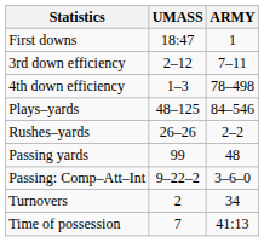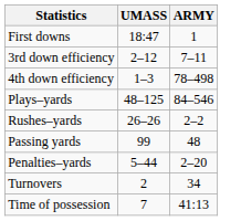 <table class="wikitable">
 <tr>
 <th>Statistics</th>
 <th>UMASS</th>
 <th>ARMY</th>
 </tr>
 <tr>
 <td>First downs</td>
 <td align=center>18:47</td>
 <td align=center>1</td>
 </tr>
 <tr>
 <td>3rd down efficiency</td>
 <td align=center>2–12</td>
 <td align=center>7–11</td>
 </tr>
 <tr>
 <td>4th down efficiency</td>
 <td align=center>1–3</td>
 <td align=center>78–498</td>
 </tr>
 <tr>
 <td>Plays–yards</td>
 <td align=center>48–125</td>
 <td align=center>84–546</td>
 </tr>
 <tr>
 <td>Rushes–yards</td>
 <td align=center>26–26</td>
 <td align=center>2–2</td>
 </tr>
 <tr>
 <td>Passing yards</td>
 <td align=center>99</td>
 <td align=center>48</td>
 </tr>
 <tr>
-<td>Passing: Comp–Att–Int</td>
-<td align=center>9–22–2</td>
-<td align=center>3–6–0</td>
+<td>Penalties–yards</td>
+<td align=center>5–44</td>
+<td align=center>2–20</td>
 </tr>
 <tr>
 <td>Turnovers</td>
 <td align=center>2</td>
 <td align=center>34</td>
 </tr>
 <tr>
 <td>Time of possession</td>
 <td align=center>7</td>
 <td align=center>41:13</td>
 </tr>
 </table>
